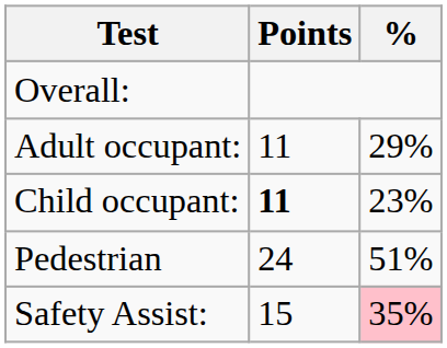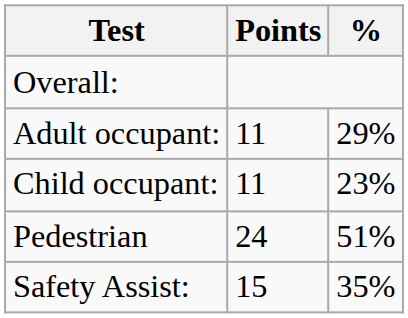 <table class="wikitable" style="float:right">
 <tr>
 <th>Test</th>
 <th>Points</th>
 <th>%</th>
 </tr>
 <tr>
 <td>Overall:</td>
 <td colspan=2></td>
 </tr>
 <tr>
 <td>Adult occupant:</td>
 <td>11</td>
 <td>29%</td>
 </tr>
 <tr>
 <td>Child occupant:</td>
-<td><strong>11</strong></td>
+<td>11</td>
 <td>23%</td>
 </tr>
 <tr>
 <td>Pedestrian</td>
 <td>24</td>
 <td>51%</td>
 </tr>
 <tr>
 <td>Safety Assist:</td>
 <td>15</td>
-<td style="background: pink;">35%</td>
+<td>35%</td>
 </tr>
 </table>
